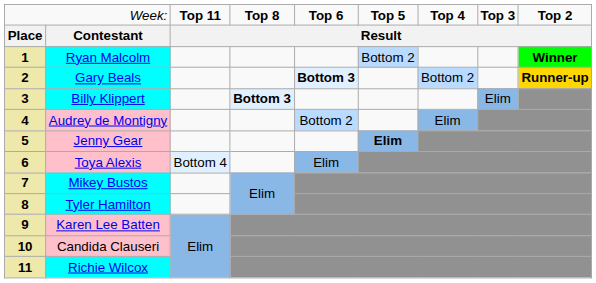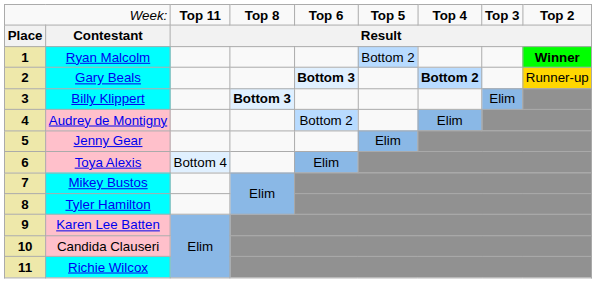 <table class="wikitable" style="text-align:center; font-size:85%">
 <tr>
 <td colspan="2" align="right"><em>Week:</em></td>
 <td align="center"><strong>Top 11</strong></td>
 <td align="center"><strong>Top 8</strong></td>
 <td align="center"><strong>Top 6</strong></td>
 <td align="center"><strong>Top 5</strong></td>
 <td align="center"><strong>Top 4</strong></td>
 <td align="center"><strong>Top 3</strong></td>
 <td align="center"><strong>Top 2</strong></td>
 </tr>
 <tr>
 <th>Place</th>
 <th>Contestant</th>
 <th colspan="9" align="center">Result</th>
 </tr>
 <tr>
 <td align="center" bgcolor="palegoldenrod"><strong>1</strong></td>
 <td bgcolor="cyan"><a href='#'>Ryan Malcolm</a></td>
 <td></td>
 <td></td>
 <td></td>
 <td bgcolor="B8DBFF">Bottom 2</td>
 <td></td>
 <td></td>
 <td bgcolor="lime"><strong>Winner</strong></td>
 </tr>
 <tr>
 <td align="center" bgcolor="palegoldenrod"><strong>2</strong></td>
 <td bgcolor="cyan"><a href='#'>Gary Beals</a></td>
 <td></td>
 <td></td>
 <td bgcolor="E0F0FF"><strong>Bottom 3</strong></td>
 <td></td>
-<td bgcolor="B8DBFF">Bottom 2</td>
+<td bgcolor="B8DBFF"><strong>Bottom 2</strong></td>
 <td></td>
-<td bgcolor="gold"><strong>Runner-up</strong></td>
+<td bgcolor="gold">Runner-up</td>
 </tr>
 <tr>
 <td align="center" bgcolor="palegoldenrod"><strong>3</strong></td>
 <td bgcolor="cyan"><a href='#'>Billy Klippert</a></td>
 <td></td>
 <td bgcolor="E0F0FF"><strong>Bottom 3</strong></td>
 <td></td>
 <td></td>
 <td></td>
 <td bgcolor="8AB8E6" align="center">Elim</td>
 <td bgcolor="919191" colspan="1"></td>
 </tr>
 <tr>
 <td align="center" bgcolor="palegoldenrod"><strong>4</strong></td>
 <td bgcolor="pink"><a href='#'>Audrey de Montigny</a></td>
 <td></td>
 <td></td>
 <td bgcolor="B8DBFF">Bottom 2</td>
 <td></td>
 <td bgcolor="8AB8E6" align="center">Elim</td>
 <td bgcolor="919191" colspan="2"></td>
 </tr>
 <tr>
 <td align="center" bgcolor="palegoldenrod"><strong>5</strong></td>
 <td bgcolor="pink"><a href='#'>Jenny Gear</a></td>
 <td></td>
 <td></td>
 <td></td>
-<td bgcolor="8AB8E6" align="center"><strong>Elim</strong></td>
+<td bgcolor="8AB8E6" align="center">Elim</td>
 <td bgcolor="919191" colspan="3"></td>
 </tr>
 <tr>
 <td align="center" bgcolor="palegoldenrod"><strong>6</strong></td>
 <td bgcolor="pink"><a href='#'>Toya Alexis</a></td>
 <td bgcolor="E0F0FF">Bottom 4</td>
 <td></td>
 <td bgcolor="8AB8E6" align="center">Elim</td>
 <td bgcolor="919191" colspan="4"></td>
 </tr>
 <tr>
 <td align="center" bgcolor="palegoldenrod"><strong>7</strong></td>
 <td bgcolor="cyan"><a href='#'>Mikey Bustos</a></td>
 <td></td>
 <td bgcolor="8AB8E6" align="center" rowspan="2">Elim</td>
 <td bgcolor="919191" colspan="5"></td>
 </tr>
 <tr>
 <td align="center" bgcolor="palegoldenrod"><strong>8</strong></td>
 <td bgcolor="cyan"><a href='#'>Tyler Hamilton</a></td>
 <td></td>
 <td bgcolor="919191" colspan="5"></td>
 </tr>
 <tr>
 <td align="center" bgcolor="palegoldenrod"><strong>9</strong></td>
 <td bgcolor="pink"><a href='#'>Karen Lee Batten</a></td>
 <td bgcolor="8AB8E6" align="center" rowspan="3">Elim</td>
 <td bgcolor="919191" colspan="6"></td>
 </tr>
 <tr>
 <td align="center" bgcolor="palegoldenrod"><strong>10</strong></td>
 <td bgcolor="pink">Candida Clauseri</td>
 <td bgcolor="919191" colspan="6"></td>
 </tr>
 <tr>
 <td align="center" bgcolor="palegoldenrod"><strong>11</strong></td>
 <td bgcolor="cyan"><a href='#'>Richie Wilcox</a></td>
 <td bgcolor="919191" colspan="6"></td>
 </tr>
 </table>
